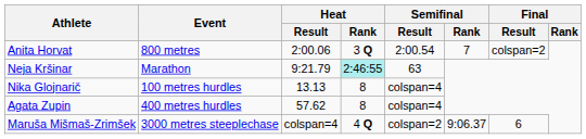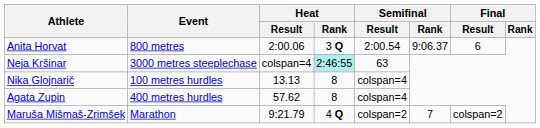 <table class="wikitable" style="font-size:90%">
 <tr>
 <th rowspan="2">Athlete</th>
 <th rowspan="2">Event</th>
 <th colspan="2">Heat</th>
 <th colspan="2">Semifinal</th>
 <th colspan="2">Final</th>
 </tr>
 <tr style="font-size:95%">
 <th>Result</th>
 <th>Rank</th>
 <th>Result</th>
 <th>Rank</th>
 <th>Result</th>
 <th>Rank</th>
 </tr>
 <tr align=center>
 <td align=left><a href='#'>Anita Horvat</a></td>
 <td align=left><a href='#'>800 metres</a></td>
 <td>2:00.06</td>
 <td>3 <strong>Q</strong></td>
 <td>2:00.54</td>
-<td>7</td>
-<td>colspan=2 </td>
+<td>9:06.37 </td>
+<td>6</td>
 </tr>
 <tr align=center>
 <td align=left><a href='#'>Neja Kršinar</a></td>
-<td align=left><a href='#'>Marathon</a></td>
-<td>9:21.79</td>
+<td align=left><a href='#'>3000 metres steeplechase</a></td>
+<td>colspan=4</td>
 <td style="background: paleturquoise;">2:46:55 </td>
 <td>63</td>
 </tr>
 <tr align=center>
 <td align=left><a href='#'>Nika Glojnarič</a></td>
 <td align=left><a href='#'>100 metres hurdles</a></td>
 <td>13.13</td>
 <td>8</td>
 <td>colspan=4 </td>
 </tr>
 <tr align=center>
 <td align=left><a href='#'>Agata Zupin</a></td>
 <td align=left><a href='#'>400 metres hurdles</a></td>
 <td>57.62</td>
 <td>8</td>
 <td>colspan=4 </td>
 </tr>
 <tr align=center>
 <td align=left><a href='#'>Maruša Mišmaš-Zrimšek</a></td>
-<td align=left><a href='#'>3000 metres steeplechase</a></td>
-<td>colspan=4</td>
+<td align=left><a href='#'>Marathon</a></td>
+<td>9:21.79</td>
 <td>4 <strong>Q</strong></td>
 <td>colspan=2</td>
-<td>9:06.37 </td>
-<td>6</td>
+<td>7</td>
+<td>colspan=2 </td>
 </tr>
 </table>
